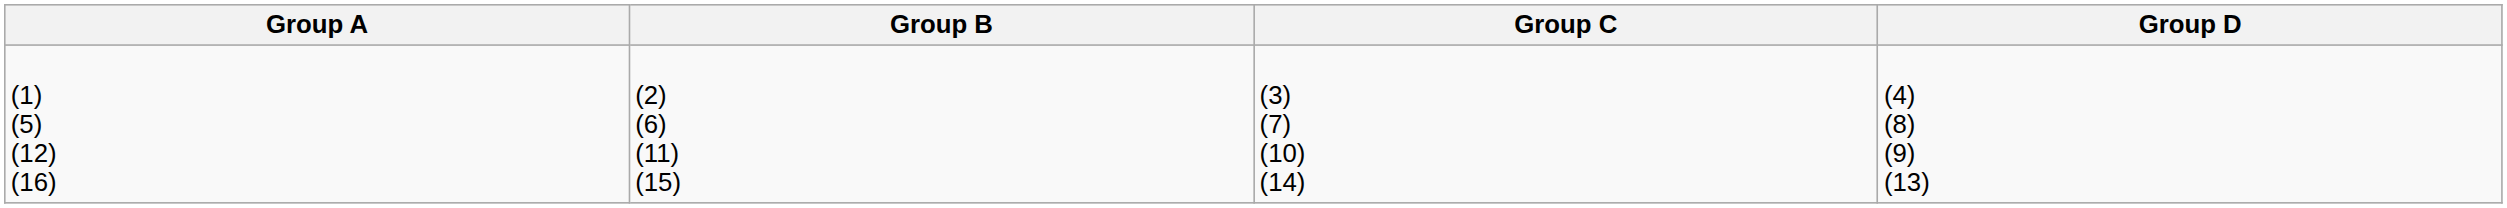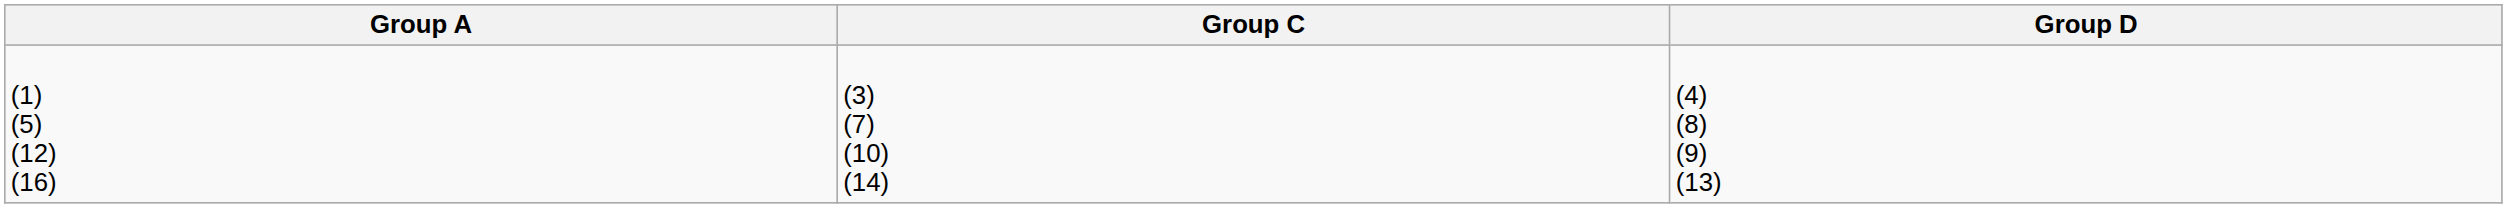 <table class="wikitable" border="1" width="98%">
 <tr>
 <th width=25%><strong>Group A</strong></th>
-<th width=25%><strong>Group B</strong></th>
 <th width=25%><strong>Group C</strong></th>
 <th width=25%><strong>Group D</strong></th>
 </tr>
 <tr>
 <td><br> (1) <br>  (5) <br>  (12) <br>  (16) <br></td>
-<td><br> (2)<br>  (6) <br>  (11)<br>  (15)<br></td>
 <td><br> (3)<br>  (7)<br>  (10)<br>  (14)<br></td>
 <td valign="top"><br> (4)<br>  (8)<br>  (9)<br>  (13)<br></td>
 </tr>
 </table>
